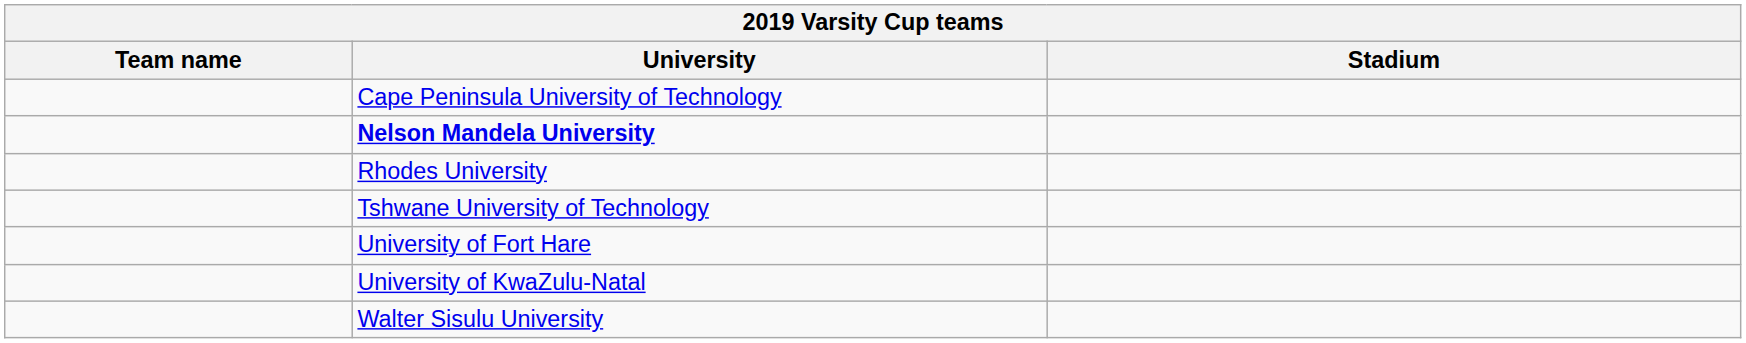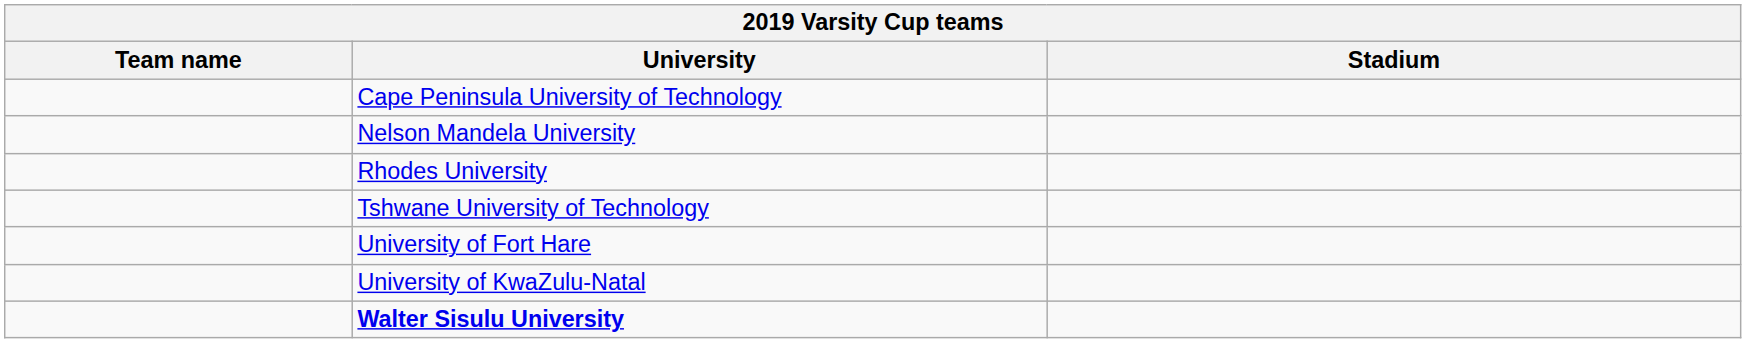 <table class="wikitable collapsible sortable" style="text-align:left; width:60%;">
 <tr>
 <th colspan="100%" align=center>2019 Varsity Cup teams</th>
 </tr>
 <tr>
 <th width="20%">Team name</th>
 <th width="40%">University</th>
 <th width="40%">Stadium</th>
 </tr>
 <tr>
 <td></td>
 <td><a href='#'>Cape Peninsula University of Technology</a></td>
 <td></td>
 </tr>
 <tr>
 <td></td>
-<td><strong><a href='#'>Nelson Mandela University</a></strong></td>
+<td><a href='#'>Nelson Mandela University</a></td>
 <td></td>
 </tr>
 <tr>
 <td></td>
 <td><a href='#'>Rhodes University</a></td>
 <td></td>
 </tr>
 <tr>
 <td></td>
 <td><a href='#'>Tshwane University of Technology</a></td>
 <td></td>
 </tr>
 <tr>
 <td></td>
 <td><a href='#'>University of Fort Hare</a></td>
 <td></td>
 </tr>
 <tr>
 <td></td>
 <td><a href='#'>University of KwaZulu-Natal</a></td>
 <td></td>
 </tr>
 <tr>
 <td></td>
-<td><a href='#'>Walter Sisulu University</a></td>
+<td><strong><a href='#'>Walter Sisulu University</a></strong></td>
 <td></td>
 </tr>
 </table>
